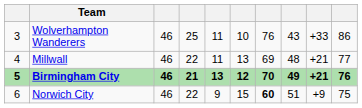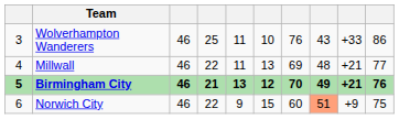 <table class="wikitable" style="text-align:center">
 <tr>
 <th width="30"></th>
 <th width="175">Team</th>
 <th width="30"></th>
 <th width="30"></th>
 <th width="30"></th>
 <th width="30"></th>
 <th width="30"></th>
 <th width="30"></th>
 <th width="30"></th>
 <th width="30"></th>
 </tr>
 <tr>
 <td>3</td>
 <td align=left><a href='#'>Wolverhampton Wanderers</a></td>
 <td>46</td>
 <td>25</td>
 <td>11</td>
 <td>10</td>
 <td>76</td>
 <td>43</td>
 <td>+33</td>
 <td>86</td>
 </tr>
 <tr>
 <td>4</td>
 <td align=left><a href='#'>Millwall</a></td>
 <td>46</td>
 <td>22</td>
 <td>11</td>
 <td>13</td>
 <td>69</td>
 <td>48</td>
 <td>+21</td>
 <td>77</td>
 </tr>
 <tr bgcolor=#ADDFAD>
 <td><strong>5</strong></td>
 <td align=left><strong><a href='#'>Birmingham City</a></strong></td>
 <td><strong>46</strong></td>
 <td><strong>21</strong></td>
 <td><strong>13</strong></td>
 <td><strong>12</strong></td>
 <td><strong>70</strong></td>
 <td><strong>49</strong></td>
 <td><strong>+21</strong></td>
 <td><strong>76</strong></td>
 </tr>
 <tr>
 <td>6</td>
 <td align=left><a href='#'>Norwich City</a></td>
 <td>46</td>
 <td>22</td>
 <td>9</td>
 <td>15</td>
-<td><strong>60</strong></td>
-<td>51</td>
+<td>60</td>
+<td style="background: lightsalmon;">51</td>
 <td>+9</td>
 <td>75</td>
 </tr>
 </table>
